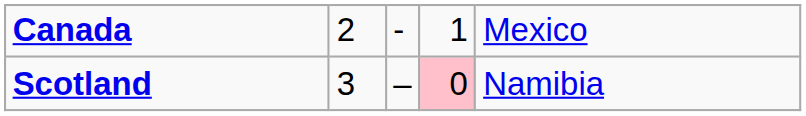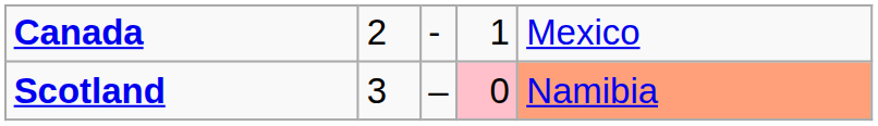 <table class="wikitable">
 <tr>
 <td width=150> <strong><a href='#'>Canada</a></strong></td>
 <td style="width:20px; text-align:left;">2</td>
 <td>-</td>
 <td style="width:20px; text-align:right;">1</td>
 <td width=150> <a href='#'>Mexico</a></td>
 </tr>
 <tr>
 <td> <strong><a href='#'>Scotland</a></strong></td>
 <td style="text-align:left;">3</td>
 <td>–</td>
 <td style="background: pink; text-align:right;">0</td>
-<td> <a href='#'>Namibia</a></td>
+<td style="background: lightsalmon;"> <a href='#'>Namibia</a></td>
 </tr>
 </table>
